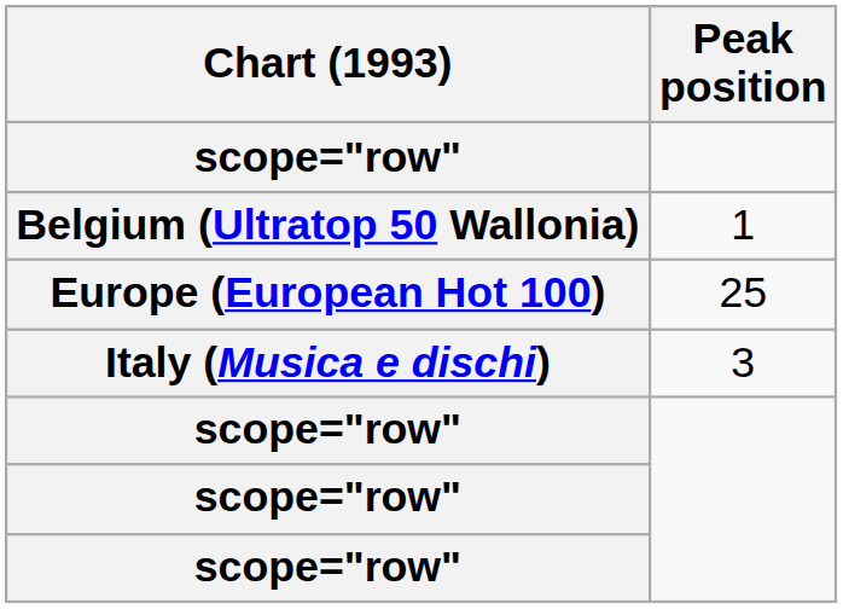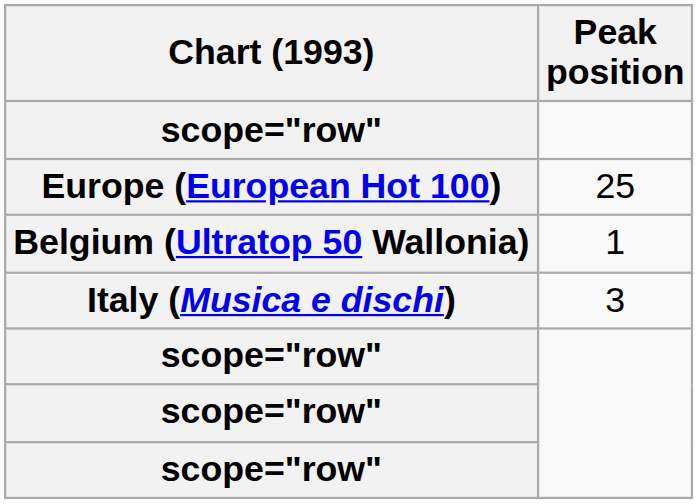 <table class="wikitable sortable plainrowheaders">
 <tr>
 <th>Chart (1993)</th>
 <th>Peak<br>position</th>
 </tr>
 <tr>
 <th>scope="row"</th>
 </tr>
 <tr>
+<th scope="row">Europe (<a href='#'>European Hot 100</a>)</th>
+<td align="center">25</td>
+</tr>
+<tr>
 <th scope="row">Belgium (<a href='#'>Ultratop 50</a> Wallonia)</th>
 <td align="center">1</td>
-</tr>
-<tr>
-<th scope="row">Europe (<a href='#'>European Hot 100</a>)</th>
-<td align="center">25</td>
 </tr>
 <tr>
 <th scope="row">Italy (<em><a href='#'>Musica e dischi</a></em>)</th>
 <td align="center">3</td>
 </tr>
 <tr>
 <th>scope="row"</th>
 </tr>
 <tr>
 <th>scope="row"</th>
 </tr>
 <tr>
 <th>scope="row"</th>
 </tr>
 </table>
